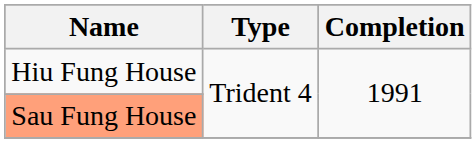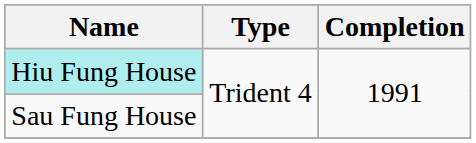 <table class="wikitable" style="text-align: center">
 <tr>
 <th>Name</th>
 <th>Type</th>
 <th>Completion</th>
 </tr>
 <tr>
-<td>Hiu Fung House</td>
+<td style="background: paleturquoise;">Hiu Fung House</td>
 <td rowspan="2">Trident 4</td>
 <td rowspan="2">1991</td>
 </tr>
 <tr>
-<td style="background: lightsalmon;">Sau Fung House</td>
+<td>Sau Fung House</td>
 </tr>
 <tr>
 </tr>
 </table>
